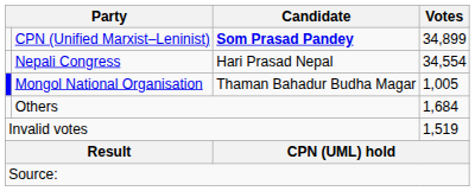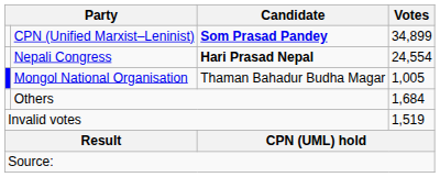 <table class="wikitable">
 <tr>
 <th colspan="2">Party</th>
 <th>Candidate</th>
 <th>Votes</th>
 </tr>
 <tr>
 <td style="background-color:"></td>
 <td><a href='#'>CPN (Unified Marxist–Leninist)</a></td>
 <td><strong><a href='#'>Som Prasad Pandey</a></strong></td>
 <td>34,899</td>
 </tr>
 <tr>
 <td style="background-color:"></td>
 <td><a href='#'>Nepali Congress</a></td>
-<td>Hari Prasad Nepal</td>
-<td>34,554</td>
+<td><strong>Hari Prasad Nepal</strong></td>
+<td>24,554</td>
 </tr>
 <tr>
 <td style="background-color:blue"></td>
 <td><a href='#'>Mongol National Organisation</a></td>
 <td>Thaman Bahadur Budha Magar</td>
 <td>1,005</td>
 </tr>
 <tr>
 <td></td>
 <td colspan="2">Others</td>
 <td>1,684</td>
 </tr>
 <tr>
 <td colspan="3">Invalid votes</td>
 <td>1,519</td>
 </tr>
 <tr>
 <th colspan="2">Result</th>
 <th colspan="2">CPN (UML) hold</th>
 </tr>
 <tr>
 <td colspan="4">Source: </td>
 </tr>
 </table>
